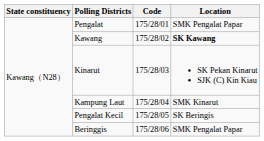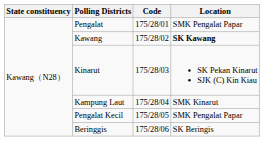 <table class="wikitable sortable mw-collapsible" style="white-space:nowrap;font-size:85%">
 <tr>
 <th>State constituency</th>
 <th>Polling Districts</th>
 <th>Code</th>
 <th>Location</th>
 </tr>
 <tr>
 <td rowspan="6">Kawang（N28）</td>
 <td>Pengalat</td>
 <td>175/28/01</td>
 <td>SMK Pengalat Papar</td>
 </tr>
 <tr>
 <td>Kawang</td>
 <td>175/28/02</td>
 <td><strong>SK Kawang</strong></td>
 </tr>
 <tr>
 <td>Kinarut</td>
 <td>175/28/03</td>
 <td><br><ul><li>SK Pekan Kinarut</li><li>SJK (C) Kin Kiau</li></ul></td>
 </tr>
 <tr>
 <td>Kampung Laut</td>
 <td>175/28/04</td>
 <td>SMK Kinarut</td>
 </tr>
 <tr>
 <td>Pengalat Kecil</td>
 <td>175/28/05</td>
-<td>SK Beringis</td>
+<td>SMK Pengalat Papar</td>
 </tr>
 <tr>
 <td>Beringgis</td>
 <td>175/28/06</td>
-<td>SMK Pengalat Papar</td>
+<td>SK Beringis</td>
 </tr>
 </table>
